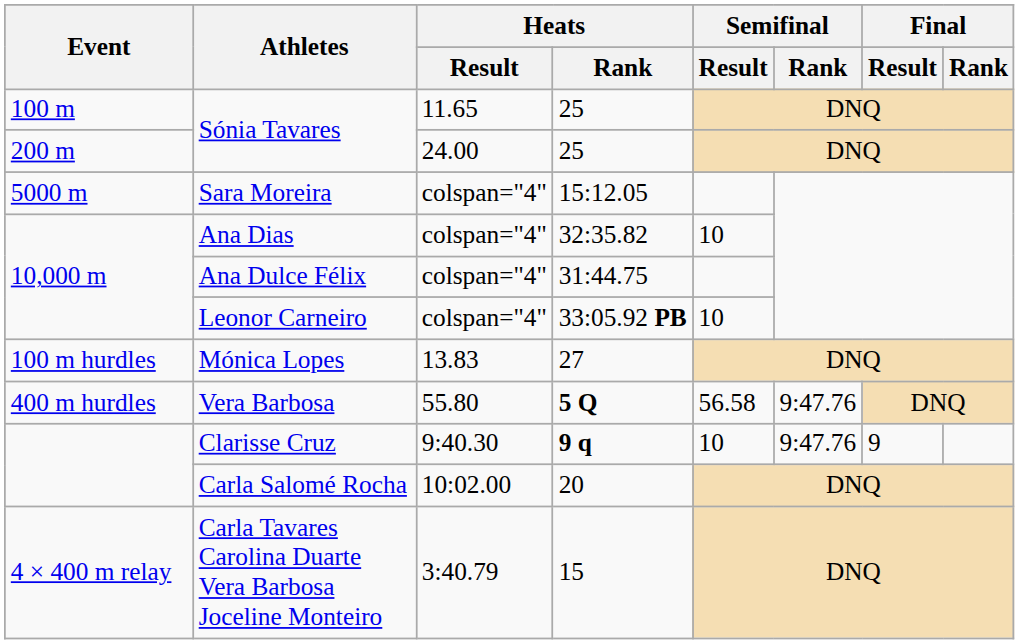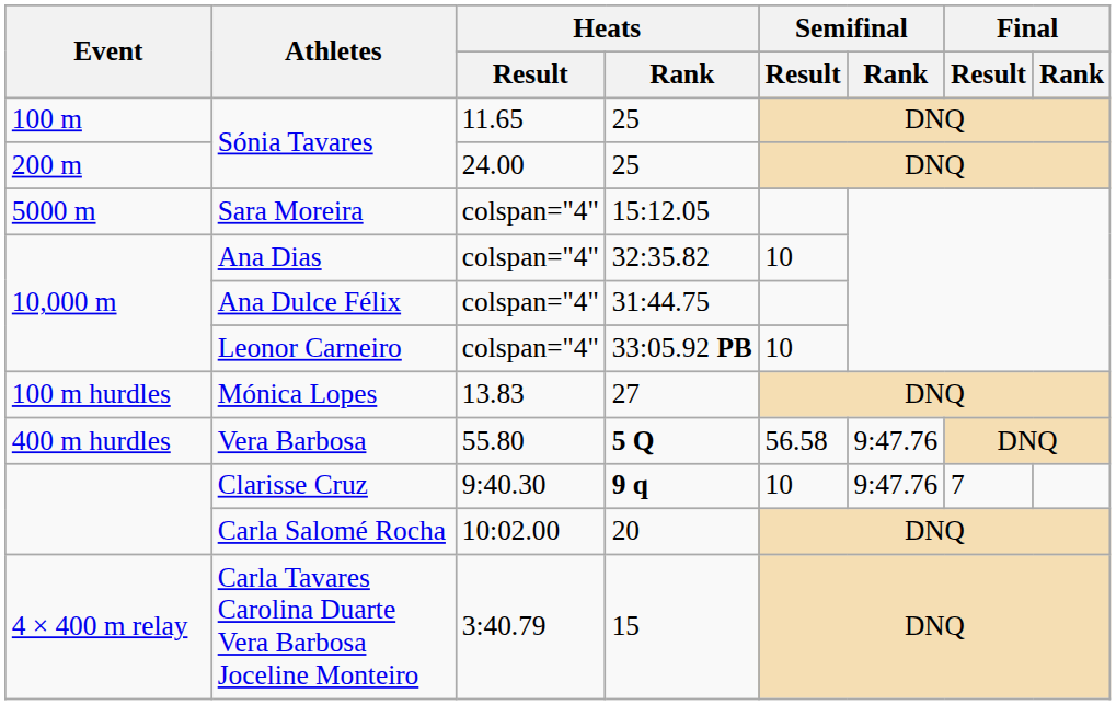 <table class="wikitable" border="1" style="font-size:90%">
 <tr>
 <th rowspan="2" width=100>Event</th>
 <th rowspan="2" width=120>Athletes</th>
 <th colspan="2">Heats</th>
 <th colspan="2">Semifinal</th>
 <th colspan="2">Final</th>
 </tr>
 <tr>
 <th>Result</th>
 <th>Rank</th>
 <th>Result</th>
 <th>Rank</th>
 <th>Result</th>
 <th>Rank</th>
 </tr>
 <tr>
 <td><a href='#'>100 m</a></td>
 <td rowspan="2"><a href='#'>Sónia Tavares</a></td>
 <td>11.65</td>
 <td>25</td>
 <td colspan="4" align=center bgcolor="wheat">DNQ</td>
 </tr>
 <tr>
 <td><a href='#'>200 m</a></td>
 <td>24.00</td>
 <td>25</td>
 <td colspan="4" align=center bgcolor="wheat">DNQ</td>
 </tr>
 <tr>
 <td><a href='#'>5000 m</a></td>
 <td><a href='#'>Sara Moreira</a></td>
 <td>colspan="4" </td>
 <td>15:12.05</td>
 <td></td>
 </tr>
 <tr>
 <td rowspan="3"><a href='#'>10,000 m</a></td>
 <td><a href='#'>Ana Dias</a></td>
 <td>colspan="4" </td>
 <td>32:35.82</td>
 <td>10</td>
 </tr>
 <tr>
 <td><a href='#'>Ana Dulce Félix</a></td>
 <td>colspan="4" </td>
 <td>31:44.75</td>
 <td></td>
 </tr>
 <tr>
 <td><a href='#'>Leonor Carneiro</a></td>
 <td>colspan="4" </td>
 <td>33:05.92 <strong>PB</strong></td>
 <td>10</td>
 </tr>
 <tr>
 <td><a href='#'>100 m hurdles</a></td>
 <td><a href='#'>Mónica Lopes</a></td>
 <td>13.83</td>
 <td>27</td>
 <td colspan="4" align=center bgcolor="wheat">DNQ</td>
 </tr>
 <tr>
 <td><a href='#'>400 m hurdles</a></td>
 <td><a href='#'>Vera Barbosa</a></td>
 <td>55.80</td>
 <td><strong>5 Q</strong></td>
 <td>56.58</td>
 <td>9:47.76</td>
 <td colspan="2" align=center bgcolor="wheat">DNQ</td>
 </tr>
 <tr>
 <td rowspan="2"></td>
 <td><a href='#'>Clarisse Cruz</a></td>
 <td>9:40.30</td>
 <td><strong>9 q</strong></td>
 <td>10</td>
 <td>9:47.76</td>
-<td>9</td>
+<td>7</td>
 </tr>
 <tr>
 <td><a href='#'>Carla Salomé Rocha</a></td>
 <td>10:02.00</td>
 <td>20</td>
 <td colspan="4" align=center bgcolor="wheat">DNQ</td>
 </tr>
 <tr>
 <td><a href='#'>4 × 400 m relay</a></td>
 <td><a href='#'>Carla Tavares</a><br><a href='#'>Carolina Duarte</a><br><a href='#'>Vera Barbosa</a><br><a href='#'>Joceline Monteiro</a></td>
 <td>3:40.79</td>
 <td>15</td>
 <td colspan="4" align=center bgcolor="wheat">DNQ</td>
 </tr>
 </table>
